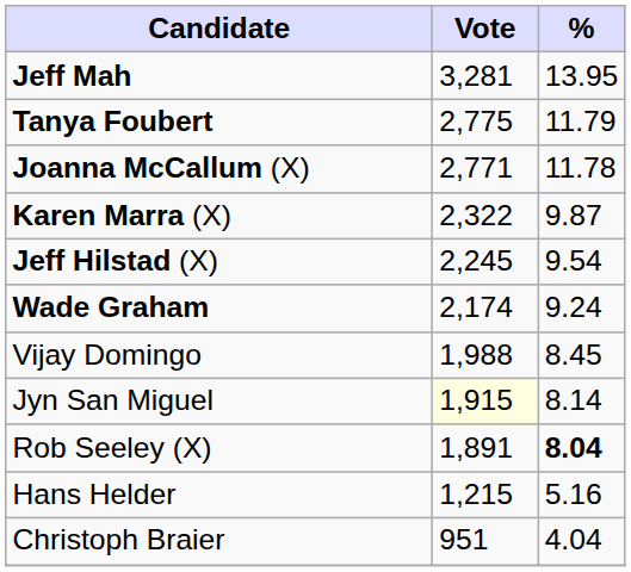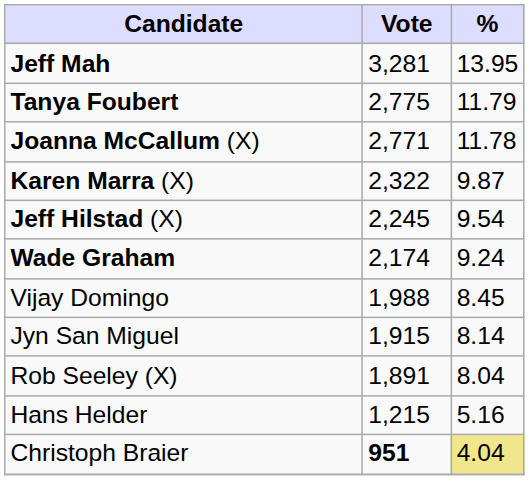 <table class="wikitable">
 <tr>
 <th style="background:#ddf; width:225px;">Candidate</th>
 <th style="background:#ddf; width:50px;">Vote</th>
 <th style="background:#ddf; width:30px;">%</th>
 </tr>
 <tr>
 <td><strong>Jeff Mah</strong></td>
 <td>3,281</td>
 <td>13.95</td>
 </tr>
 <tr>
 <td><strong>Tanya Foubert</strong></td>
 <td>2,775</td>
 <td>11.79</td>
 </tr>
 <tr>
 <td><strong>Joanna McCallum</strong> (X)</td>
 <td>2,771</td>
 <td>11.78</td>
 </tr>
 <tr>
 <td><strong>Karen Marra</strong> (X)</td>
 <td>2,322</td>
 <td>9.87</td>
 </tr>
 <tr>
 <td><strong>Jeff Hilstad</strong> (X)</td>
 <td>2,245</td>
 <td>9.54</td>
 </tr>
 <tr>
 <td><strong>Wade Graham</strong></td>
 <td>2,174</td>
 <td>9.24</td>
 </tr>
 <tr>
 <td>Vijay Domingo</td>
 <td>1,988</td>
 <td>8.45</td>
 </tr>
 <tr>
 <td>Jyn San Miguel</td>
-<td style="background: lightyellow;">1,915</td>
+<td>1,915</td>
 <td>8.14</td>
 </tr>
 <tr>
 <td>Rob Seeley (X)</td>
 <td>1,891</td>
-<td><strong>8.04</strong></td>
+<td>8.04</td>
 </tr>
 <tr>
 <td>Hans Helder</td>
 <td>1,215</td>
 <td>5.16</td>
 </tr>
 <tr>
 <td>Christoph Braier</td>
-<td>951</td>
-<td>4.04</td>
+<td><strong>951</strong></td>
+<td style="background: khaki;">4.04</td>
 </tr>
 <tr>
 </tr>
 </table>
